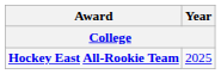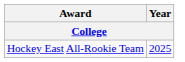 <table class="wikitable">
 <tr>
 <th>Award</th>
 <th>Year</th>
 </tr>
 <tr>
 <th colspan="3"><a href='#'>College</a></th>
 </tr>
 <tr>
-<td><strong><a href='#'>Hockey East</a> <a href='#'>All-Rookie Team</a></strong></td>
+<td><a href='#'>Hockey East</a> <a href='#'>All-Rookie Team</a></td>
 <td><a href='#'>2025</a></td>
 </tr>
 </table>
